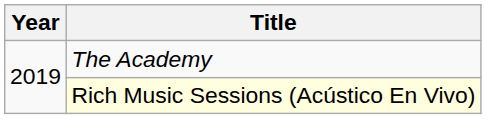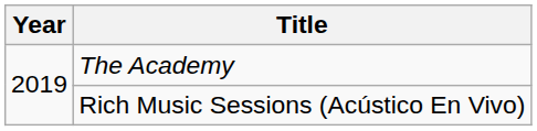 <table class="wikitable">
 <tr>
 <th>Year</th>
 <th>Title</th>
 </tr>
 <tr>
 <td rowspan="2">2019</td>
 <td><em>The Academy</em></td>
 </tr>
 <tr>
-<td style="background: lightyellow;">Rich Music Sessions (Acústico En Vivo)</td>
+<td>Rich Music Sessions (Acústico En Vivo)</td>
 </tr>
 </table>
